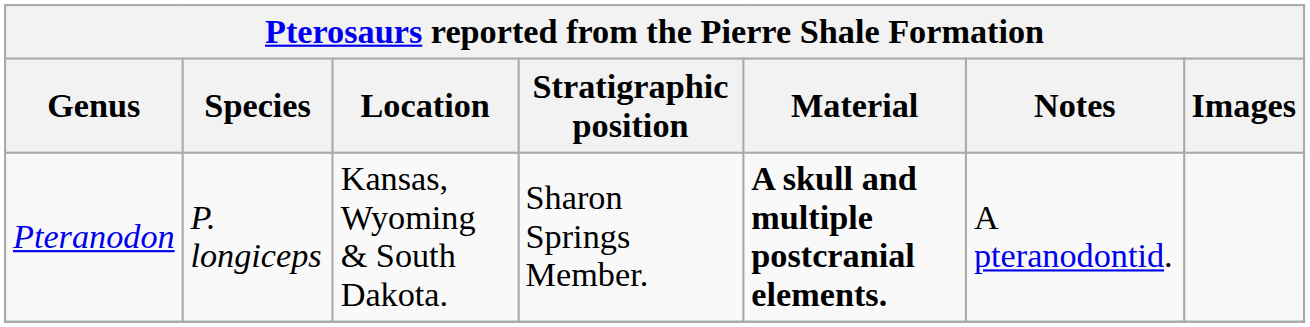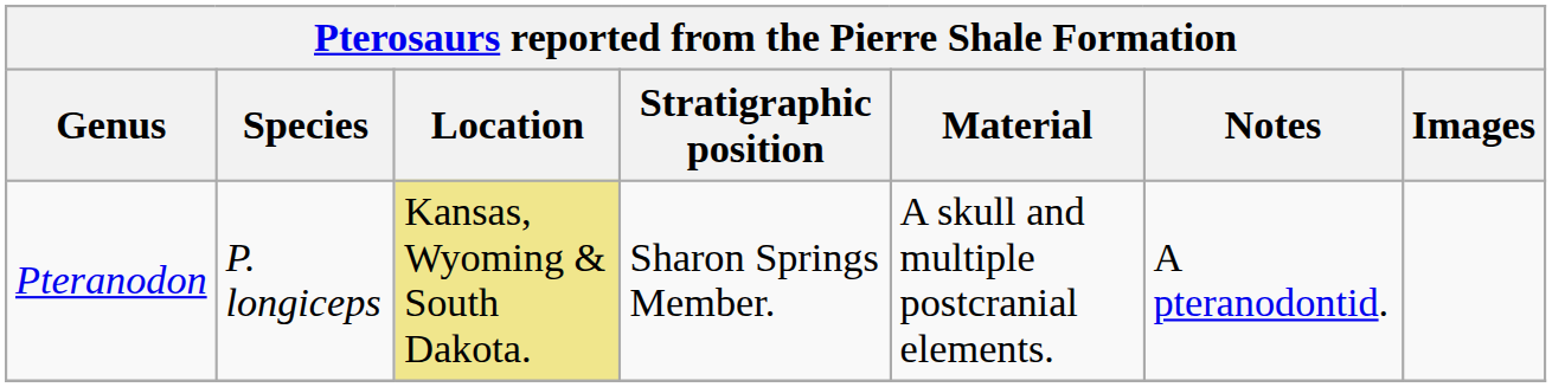 <table class="wikitable" align="center">
 <tr>
 <th colspan="7" align="center"><strong><a href='#'>Pterosaurs</a> reported from the Pierre Shale Formation</strong></th>
 </tr>
 <tr>
 <th>Genus</th>
 <th>Species</th>
 <th>Location</th>
 <th><strong>Stratigraphic position</strong></th>
 <th><strong>Material</strong></th>
 <th>Notes</th>
 <th>Images</th>
 </tr>
 <tr>
 <td><em><a href='#'>Pteranodon</a></em></td>
 <td><em>P. longiceps</em></td>
-<td>Kansas, Wyoming & South Dakota.</td>
+<td style="background: khaki;">Kansas, Wyoming & South Dakota.</td>
 <td>Sharon Springs Member.</td>
-<td><strong>A skull and multiple postcranial elements.</strong></td>
+<td>A skull and multiple postcranial elements.</td>
 <td>A <a href='#'>pteranodontid</a>.</td>
 <td></td>
 </tr>
 <tr>
 </tr>
 </table>
